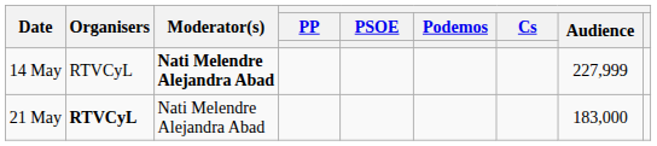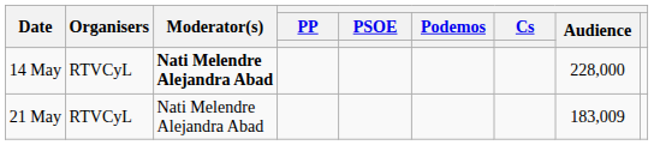 <table class="wikitable" style="text-align:center;">
 <tr>
 <th rowspan="3">Date</th>
 <th rowspan="3">Organisers</th>
 <th rowspan="3">Moderator(s)</th>
 <th colspan="6">        </th>
 </tr>
 <tr>
 <th scope="col" style="width:5em;"><a href='#'>PP</a></th>
 <th scope="col" style="width:5em;"><a href='#'>PSOE</a></th>
 <th scope="col" style="width:5em;"><a href='#'>Podemos</a></th>
 <th scope="col" style="width:5em;"><a href='#'>Cs</a></th>
 <th rowspan="2" scope="col" style="width:5em;">Audience</th>
 <th rowspan="2"></th>
 </tr>
 <tr>
 <th style="color:inherit;background:"></th>
 <th style="color:inherit;background:"></th>
 <th style="color:inherit;background:"></th>
 <th style="color:inherit;background:"></th>
 </tr>
 <tr>
 <td style="white-space:nowrap; text-align:left;">14 May</td>
 <td style="white-space:nowrap; text-align:left;">RTVCyL</td>
 <td style="white-space:nowrap; text-align:left;"><strong>Nati Melendre <br> Alejandra Abad</strong></td>
 <td></td>
 <td></td>
 <td></td>
 <td></td>
-<td>227,999</td>
+<td>228,000</td>
 <td><br></td>
 </tr>
 <tr>
 <td style="white-space:nowrap; text-align:left;">21 May</td>
-<td style="white-space:nowrap; text-align:left;"><strong>RTVCyL</strong></td>
+<td style="white-space:nowrap; text-align:left;">RTVCyL</td>
 <td style="white-space:nowrap; text-align:left;">Nati Melendre<br>Alejandra Abad</td>
 <td></td>
 <td></td>
 <td></td>
 <td></td>
-<td>183,000</td>
+<td>183,009</td>
 <td><br></td>
 </tr>
 </table>
